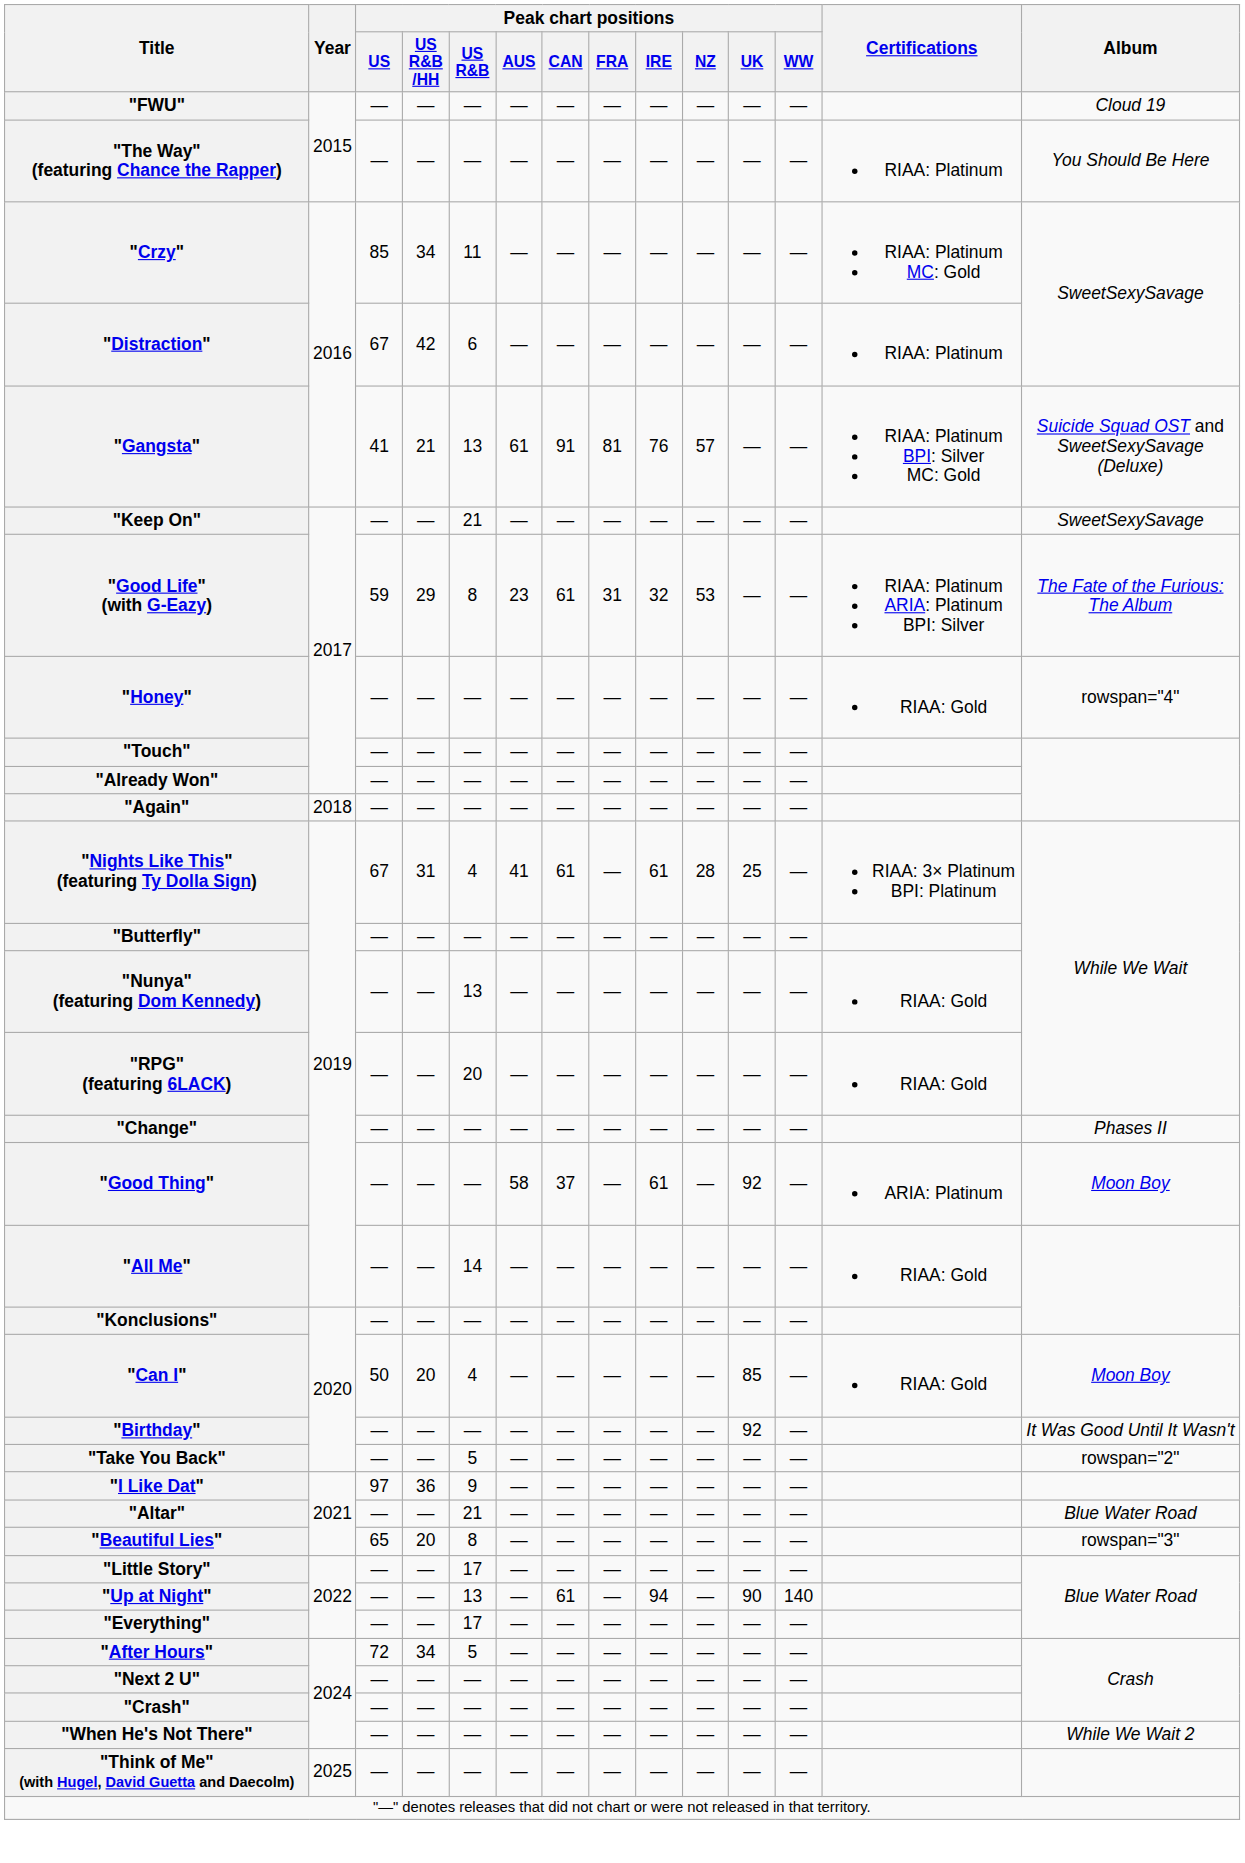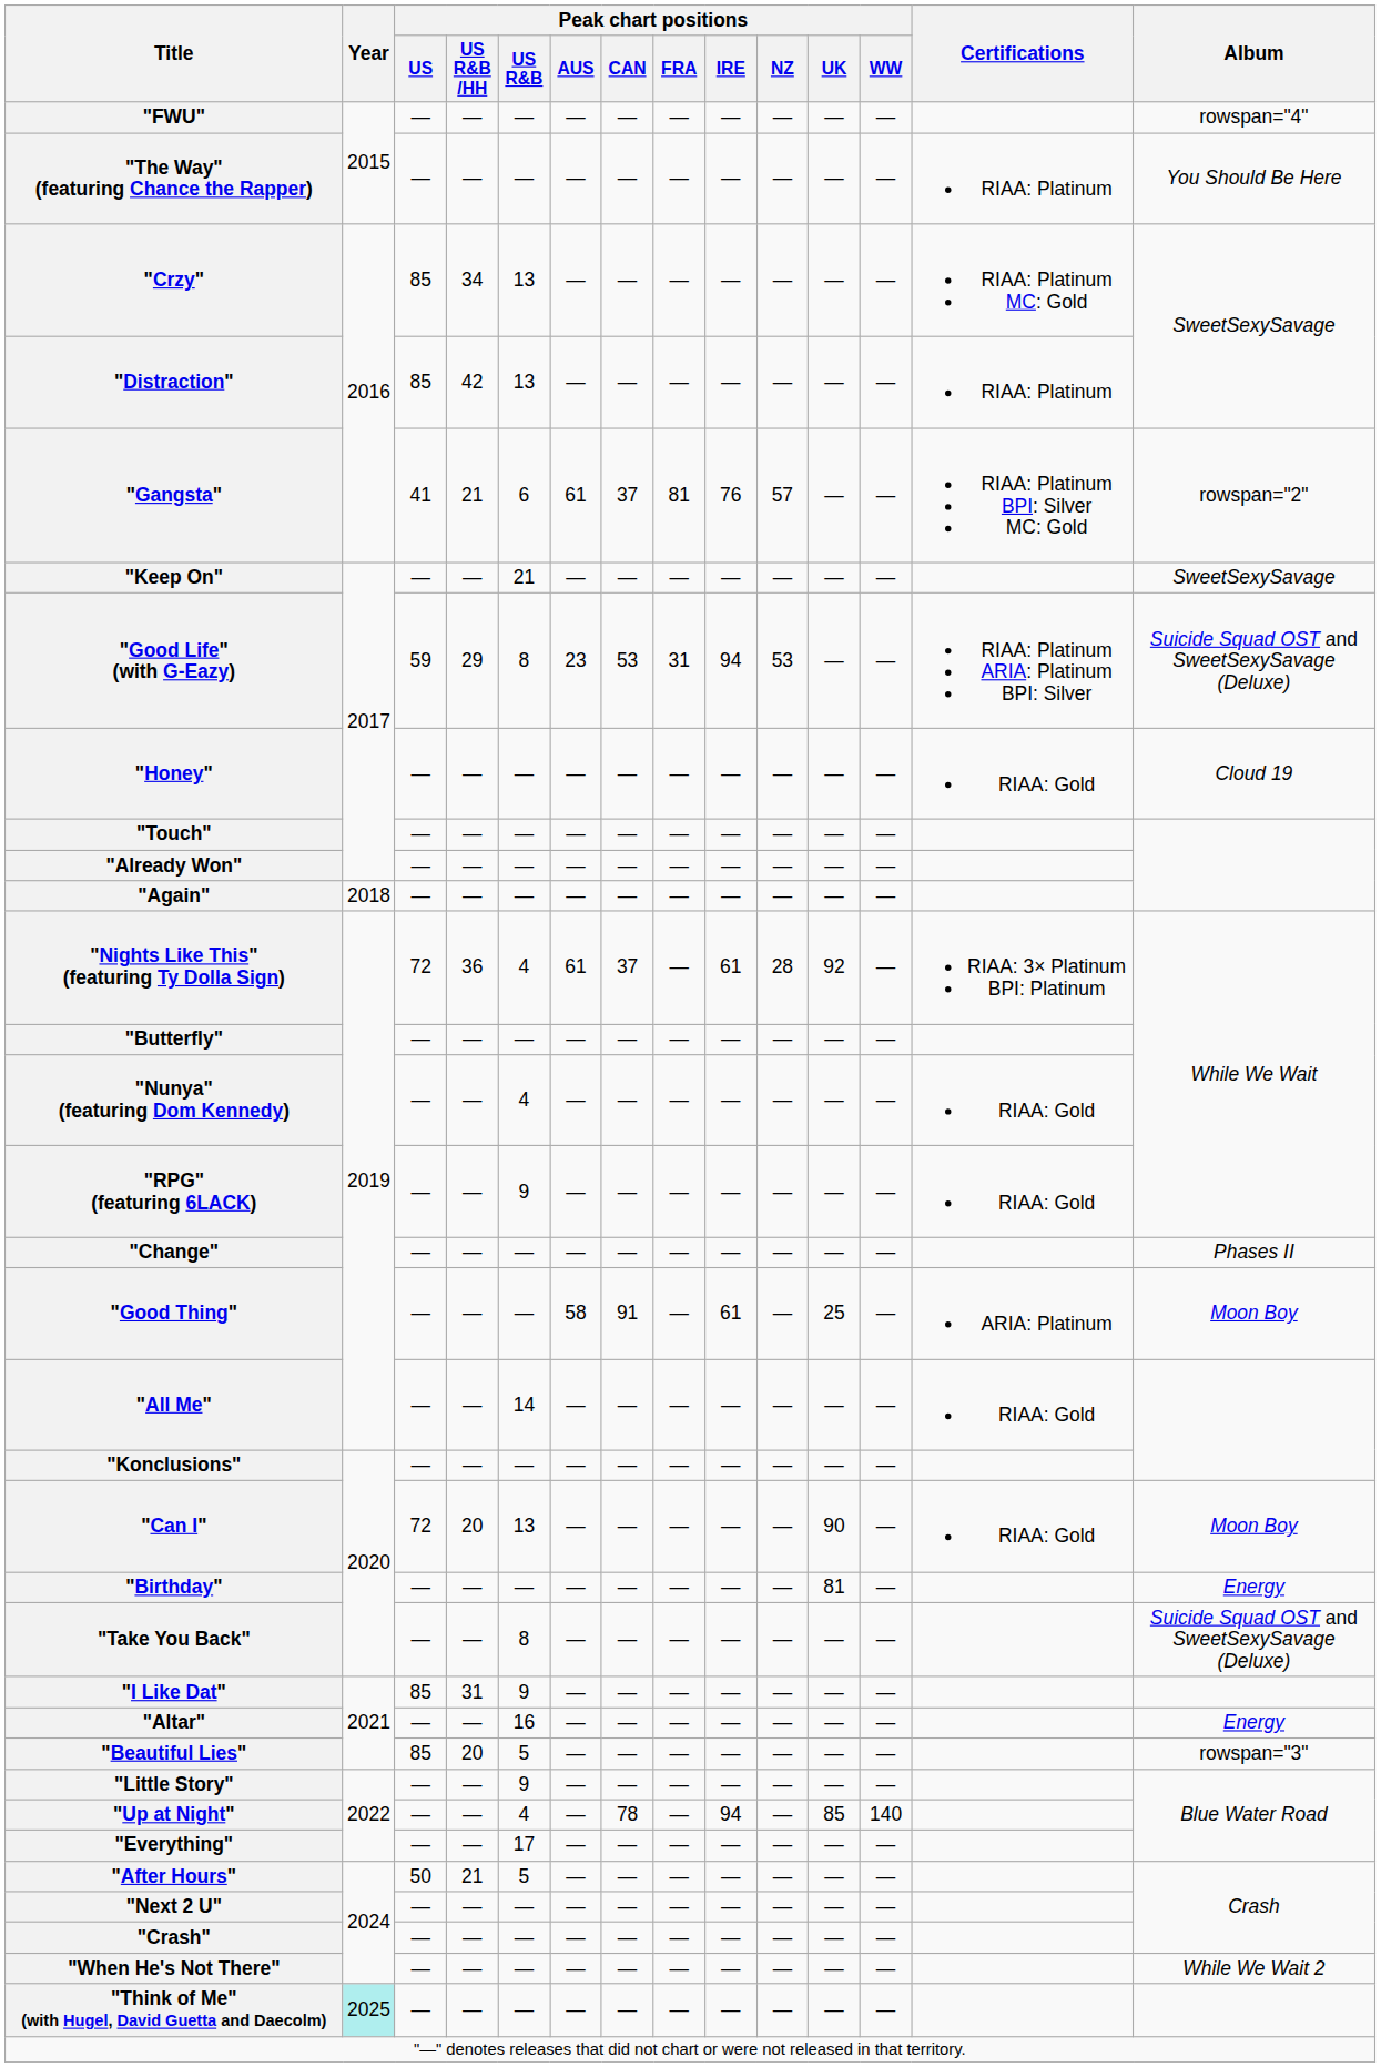 <table class="wikitable plainrowheaders" style="text-align:center;">
 <tr>
 <th scope="col" rowspan="2" style="width:17em;">Title</th>
 <th scope="col" rowspan="2" style="width:1em;">Year</th>
 <th scope="col" colspan="10">Peak chart positions</th>
 <th scope="col" rowspan="2" style="width:11em;"><a href='#'>Certifications</a></th>
 <th scope="col" rowspan="2" style="width:12em;">Album</th>
 </tr>
 <tr>
 <th scope="col" style="width:2.5em;font-size:90%;"><a href='#'>US</a><br></th>
 <th scope="col" style="width:2.5em;font-size:90%;"><a href='#'>US<br>R&B<br>/HH</a><br></th>
 <th scope="col" style="width:2.5em;font-size:90%;"><a href='#'>US R&B</a><br></th>
 <th scope="col" style="width:2.5em;font-size:90%;"><a href='#'>AUS</a><br></th>
 <th scope="col" style="width:2.5em;font-size:90%;"><a href='#'>CAN</a><br></th>
 <th scope="col" style="width:2.5em;font-size:90%;"><a href='#'>FRA</a><br></th>
 <th scope="col" style="width:2.5em;font-size:90%;"><a href='#'>IRE</a><br></th>
 <th scope="col" style="width:2.5em;font-size:90%;"><a href='#'>NZ</a><br></th>
 <th scope="col" style="width:2.5em;font-size:90%;"><a href='#'>UK</a><br></th>
 <th scope="col" style="width:2.5em;font-size:90%;"><a href='#'>WW</a><br></th>
 </tr>
 <tr>
 <th scope="row">"FWU"</th>
 <td rowspan="2">2015</td>
 <td>—</td>
 <td>—</td>
 <td>—</td>
 <td>—</td>
 <td>—</td>
 <td>—</td>
 <td>—</td>
 <td>—</td>
 <td>—</td>
 <td>—</td>
 <td></td>
-<td><em>Cloud 19</em></td>
+<td>rowspan="4" </td>
 </tr>
 <tr>
 <th scope="row">"The Way"<br><span>(featuring <a href='#'>Chance the Rapper</a>)</span></th>
 <td>—</td>
 <td>—</td>
 <td>—</td>
 <td>—</td>
 <td>—</td>
 <td>—</td>
 <td>—</td>
 <td>—</td>
 <td>—</td>
 <td>—</td>
 <td><br><ul><li>RIAA: Platinum</li></ul></td>
 <td><em>You Should Be Here</em></td>
 </tr>
 <tr>
 <th scope="row">"<a href='#'>Crzy</a>"</th>
 <td rowspan="3">2016</td>
 <td>85</td>
 <td>34</td>
-<td>11</td>
+<td>13</td>
 <td>—</td>
 <td>—</td>
 <td>—</td>
 <td>—</td>
 <td>—</td>
 <td>—</td>
 <td>—</td>
 <td><br><ul><li>RIAA: Platinum</li><li><a href='#'>MC</a>: Gold</li></ul></td>
 <td rowspan="2"><em>SweetSexySavage</em></td>
 </tr>
 <tr>
 <th scope="row">"<a href='#'>Distraction</a>"</th>
-<td>67</td>
+<td>85</td>
 <td>42</td>
-<td>6</td>
+<td>13</td>
 <td>—</td>
 <td>—</td>
 <td>—</td>
 <td>—</td>
 <td>—</td>
 <td>—</td>
 <td>—</td>
 <td><br><ul><li>RIAA: Platinum</li></ul></td>
 </tr>
 <tr>
 <th scope="row">"<a href='#'>Gangsta</a>"</th>
 <td>41</td>
 <td>21</td>
-<td>13</td>
+<td>6</td>
 <td>61</td>
-<td>91</td>
+<td>37</td>
 <td>81</td>
 <td>76</td>
 <td>57</td>
 <td>—</td>
 <td>—</td>
 <td><br><ul><li>RIAA: Platinum</li><li><a href='#'>BPI</a>: Silver</li><li>MC: Gold</li></ul></td>
-<td><em><a href='#'>Suicide Squad OST</a></em> and <em>SweetSexySavage (Deluxe)</em></td>
+<td>rowspan="2" </td>
 </tr>
 <tr>
 <th scope="row">"Keep On"</th>
 <td rowspan="5">2017</td>
 <td>—</td>
 <td>—</td>
 <td>21</td>
 <td>—</td>
 <td>—</td>
 <td>—</td>
 <td>—</td>
 <td>—</td>
 <td>—</td>
 <td>—</td>
 <td></td>
 <td><em>SweetSexySavage</em></td>
 </tr>
 <tr>
 <th scope="row">"<a href='#'>Good Life</a>"<br><span>(with <a href='#'>G-Eazy</a>)</span></th>
 <td>59</td>
 <td>29</td>
 <td>8</td>
 <td>23</td>
-<td>61</td>
+<td>53</td>
 <td>31</td>
-<td>32</td>
+<td>94</td>
 <td>53</td>
 <td>—</td>
 <td>—</td>
 <td><br><ul><li>RIAA: Platinum</li><li><a href='#'>ARIA</a>: Platinum</li><li>BPI: Silver</li></ul></td>
-<td><em><a href='#'>The Fate of the Furious: The Album</a></em></td>
+<td><em><a href='#'>Suicide Squad OST</a></em> and <em>SweetSexySavage (Deluxe)</em></td>
 </tr>
 <tr>
 <th scope="row">"<a href='#'>Honey</a>"</th>
 <td>—</td>
 <td>—</td>
 <td>—</td>
 <td>—</td>
 <td>—</td>
 <td>—</td>
 <td>—</td>
 <td>—</td>
 <td>—</td>
 <td>—</td>
 <td><br><ul><li>RIAA: Gold</li></ul></td>
-<td>rowspan="4" </td>
+<td><em>Cloud 19</em></td>
 </tr>
 <tr>
 <th scope="row">"Touch"</th>
 <td>—</td>
 <td>—</td>
 <td>—</td>
 <td>—</td>
 <td>—</td>
 <td>—</td>
 <td>—</td>
 <td>—</td>
 <td>—</td>
 <td>—</td>
 <td></td>
 </tr>
 <tr>
 <th scope="row">"Already Won"</th>
 <td>—</td>
 <td>—</td>
 <td>—</td>
 <td>—</td>
 <td>—</td>
 <td>—</td>
 <td>—</td>
 <td>—</td>
 <td>—</td>
 <td>—</td>
 <td></td>
 </tr>
 <tr>
 <th scope="row">"Again"</th>
 <td>2018</td>
 <td>—</td>
 <td>—</td>
 <td>—</td>
 <td>—</td>
 <td>—</td>
 <td>—</td>
 <td>—</td>
 <td>—</td>
 <td>—</td>
 <td>—</td>
 <td></td>
 </tr>
 <tr>
 <th scope="row">"<a href='#'>Nights Like This</a>"<br><span>(featuring <a href='#'>Ty Dolla Sign</a>)</span></th>
 <td rowspan="7">2019</td>
-<td>67</td>
-<td>31</td>
+<td>72</td>
+<td>36</td>
 <td>4</td>
-<td>41</td>
 <td>61</td>
+<td>37</td>
 <td>—</td>
 <td>61</td>
 <td>28</td>
-<td>25</td>
+<td>92</td>
 <td>—</td>
 <td><br><ul><li>RIAA: 3× Platinum</li><li>BPI: Platinum</li></ul></td>
 <td rowspan="4"><em>While We Wait</em></td>
 </tr>
 <tr>
 <th scope="row">"Butterfly"</th>
 <td>—</td>
 <td>—</td>
 <td>—</td>
 <td>—</td>
 <td>—</td>
 <td>—</td>
 <td>—</td>
 <td>—</td>
 <td>—</td>
 <td>—</td>
 <td></td>
 </tr>
 <tr>
 <th scope="row">"Nunya"<br><span>(featuring <a href='#'>Dom Kennedy</a>)</span></th>
 <td>—</td>
 <td>—</td>
-<td>13</td>
+<td>4</td>
 <td>—</td>
 <td>—</td>
 <td>—</td>
 <td>—</td>
 <td>—</td>
 <td>—</td>
 <td>—</td>
 <td><br><ul><li>RIAA: Gold</li></ul></td>
 </tr>
 <tr>
 <th scope="row">"RPG"<br><span>(featuring <a href='#'>6LACK</a>)</span></th>
 <td>—</td>
 <td>—</td>
-<td>20</td>
+<td>9</td>
 <td>—</td>
 <td>—</td>
 <td>—</td>
 <td>—</td>
 <td>—</td>
 <td>—</td>
 <td>—</td>
 <td><br><ul><li>RIAA: Gold</li></ul></td>
 </tr>
 <tr>
 <th scope="row">"Change"<br></th>
 <td>—</td>
 <td>—</td>
 <td>—</td>
 <td>—</td>
 <td>—</td>
 <td>—</td>
 <td>—</td>
 <td>—</td>
 <td>—</td>
 <td>—</td>
 <td></td>
 <td><em>Phases II</em></td>
 </tr>
 <tr>
 <th scope="row">"<a href='#'>Good Thing</a>"<br></th>
 <td>—</td>
 <td>—</td>
 <td>—</td>
 <td>58</td>
-<td>37</td>
+<td>91</td>
 <td>—</td>
 <td>61</td>
 <td>—</td>
-<td>92</td>
+<td>25</td>
 <td>—</td>
 <td><br><ul><li>ARIA: Platinum</li></ul></td>
 <td><em><a href='#'>Moon Boy</a></em></td>
 </tr>
 <tr>
 <th scope="row">"<a href='#'>All Me</a>"<br></th>
 <td>—</td>
 <td>—</td>
 <td>14</td>
 <td>—</td>
 <td>—</td>
 <td>—</td>
 <td>—</td>
 <td>—</td>
 <td>—</td>
 <td>—</td>
 <td><br><ul><li>RIAA: Gold</li></ul></td>
 </tr>
 <tr>
 <th scope="row">"Konclusions"<br></th>
 <td rowspan="4">2020</td>
 <td>—</td>
 <td>—</td>
 <td>—</td>
 <td>—</td>
 <td>—</td>
 <td>—</td>
 <td>—</td>
 <td>—</td>
 <td>—</td>
 <td>—</td>
 <td></td>
 </tr>
 <tr>
 <th scope="row">"<a href='#'>Can I</a>"<br></th>
-<td>50</td>
+<td>72</td>
 <td>20</td>
-<td>4</td>
+<td>13</td>
 <td>—</td>
 <td>—</td>
 <td>—</td>
 <td>—</td>
 <td>—</td>
-<td>85</td>
+<td>90</td>
 <td>—</td>
 <td><br><ul><li>RIAA: Gold</li></ul></td>
 <td><em><a href='#'>Moon Boy</a></em></td>
 </tr>
 <tr>
 <th scope="row">"<a href='#'>Birthday</a>"<br></th>
 <td>—</td>
 <td>—</td>
 <td>—</td>
 <td>—</td>
 <td>—</td>
 <td>—</td>
 <td>—</td>
 <td>—</td>
-<td>92</td>
+<td>81</td>
 <td>—</td>
 <td></td>
-<td><em>It Was Good Until It Wasn't</em></td>
+<td><em><a href='#'>Energy</a></em></td>
 </tr>
 <tr>
 <th scope="row">"Take You Back"<br></th>
 <td>—</td>
 <td>—</td>
-<td>5</td>
+<td>8</td>
 <td>—</td>
 <td>—</td>
 <td>—</td>
 <td>—</td>
 <td>—</td>
 <td>—</td>
 <td>—</td>
 <td></td>
-<td>rowspan="2" </td>
+<td><em><a href='#'>Suicide Squad OST</a></em> and <em>SweetSexySavage (Deluxe)</em></td>
 </tr>
 <tr>
 <th scope="row">"<a href='#'>I Like Dat</a>" <br></th>
 <td rowspan="3">2021</td>
-<td>97</td>
-<td>36</td>
+<td>85</td>
+<td>31</td>
 <td>9</td>
 <td>—</td>
 <td>—</td>
 <td>—</td>
 <td>—</td>
 <td>—</td>
 <td>—</td>
 <td>—</td>
 <td></td>
 </tr>
 <tr>
 <th scope="row">"Altar"</th>
 <td>—</td>
 <td>—</td>
-<td>21</td>
+<td>16</td>
 <td>—</td>
 <td>—</td>
 <td>—</td>
 <td>—</td>
 <td>—</td>
 <td>—</td>
 <td>—</td>
 <td></td>
-<td><em>Blue Water Road</em></td>
+<td><em><a href='#'>Energy</a></em></td>
 </tr>
 <tr>
 <th scope="row">"<a href='#'>Beautiful Lies</a>"<br></th>
-<td>65</td>
+<td>85</td>
 <td>20</td>
-<td>8</td>
+<td>5</td>
 <td>—</td>
 <td>—</td>
 <td>—</td>
 <td>—</td>
 <td>—</td>
 <td>—</td>
 <td>—</td>
 <td></td>
 <td>rowspan="3" </td>
 </tr>
 <tr>
 <th scope="row">"Little Story"</th>
 <td rowspan="3">2022</td>
 <td>—</td>
 <td>—</td>
-<td>17</td>
+<td>9</td>
 <td>—</td>
 <td>—</td>
 <td>—</td>
 <td>—</td>
 <td>—</td>
 <td>—</td>
 <td>—</td>
 <td></td>
 <td rowspan="3"><em>Blue Water Road</em></td>
 </tr>
 <tr>
 <th scope="row">"<a href='#'>Up at Night</a>"<br></th>
 <td>—</td>
 <td>—</td>
-<td>13</td>
+<td>4</td>
 <td>—</td>
-<td>61</td>
+<td>78</td>
 <td>—</td>
 <td>94</td>
 <td>—</td>
-<td>90</td>
+<td>85</td>
 <td>140</td>
 <td></td>
 </tr>
 <tr>
 <th scope="row">"Everything"</th>
 <td>—</td>
 <td>—</td>
 <td>17</td>
 <td>—</td>
 <td>—</td>
 <td>—</td>
 <td>—</td>
 <td>—</td>
 <td>—</td>
 <td>—</td>
 <td></td>
 </tr>
 <tr>
 <th scope="row">"<a href='#'>After Hours</a>"</th>
 <td rowspan="4">2024</td>
-<td>72</td>
-<td>34</td>
+<td>50</td>
+<td>21</td>
 <td>5</td>
 <td>—</td>
 <td>—</td>
 <td>—</td>
 <td>—</td>
 <td>—</td>
 <td>—</td>
 <td>—</td>
 <td></td>
 <td rowspan="3"><em>Crash</em></td>
 </tr>
 <tr>
 <th scope="row">"Next 2 U"</th>
 <td>—</td>
 <td>—</td>
 <td>—</td>
 <td>—</td>
 <td>—</td>
 <td>—</td>
 <td>—</td>
 <td>—</td>
 <td>—</td>
 <td>—</td>
 <td></td>
 </tr>
 <tr>
 <th scope="row">"Crash"</th>
 <td>—</td>
 <td>—</td>
 <td>—</td>
 <td>—</td>
 <td>—</td>
 <td>—</td>
 <td>—</td>
 <td>—</td>
 <td>—</td>
 <td>—</td>
 <td></td>
 </tr>
 <tr>
 <th scope="row">"When He's Not There"<br></th>
 <td>—</td>
 <td>—</td>
 <td>—</td>
 <td>—</td>
 <td>—</td>
 <td>—</td>
 <td>—</td>
 <td>—</td>
 <td>—</td>
 <td>—</td>
 <td></td>
 <td><em>While We Wait 2</em></td>
 </tr>
 <tr>
 <th scope="row">"Think of Me" <br><small>(with <a href='#'>Hugel</a>, <a href='#'>David Guetta</a> and Daecolm)</small></th>
-<td>2025</td>
+<td style="background: paleturquoise;">2025</td>
 <td>—</td>
 <td>—</td>
 <td>—</td>
 <td>—</td>
 <td>—</td>
 <td>—</td>
 <td>—</td>
 <td>—</td>
 <td>—</td>
 <td>—</td>
 <td></td>
 </tr>
 <tr>
 <td colspan="14" style="font-size:85%">"—" denotes releases that did not chart or were not released in that territory.</td>
 </tr>
 </table>
